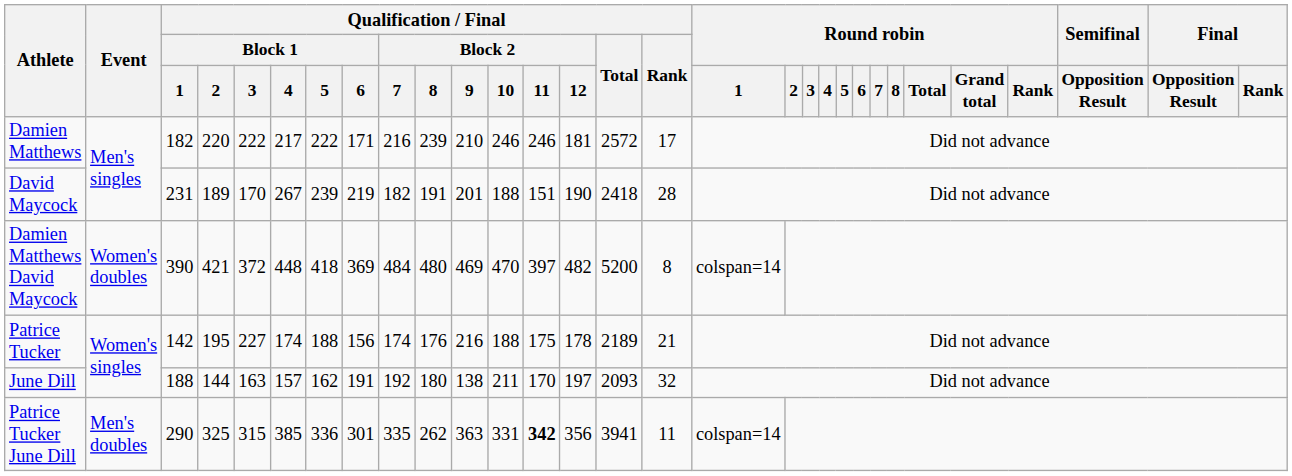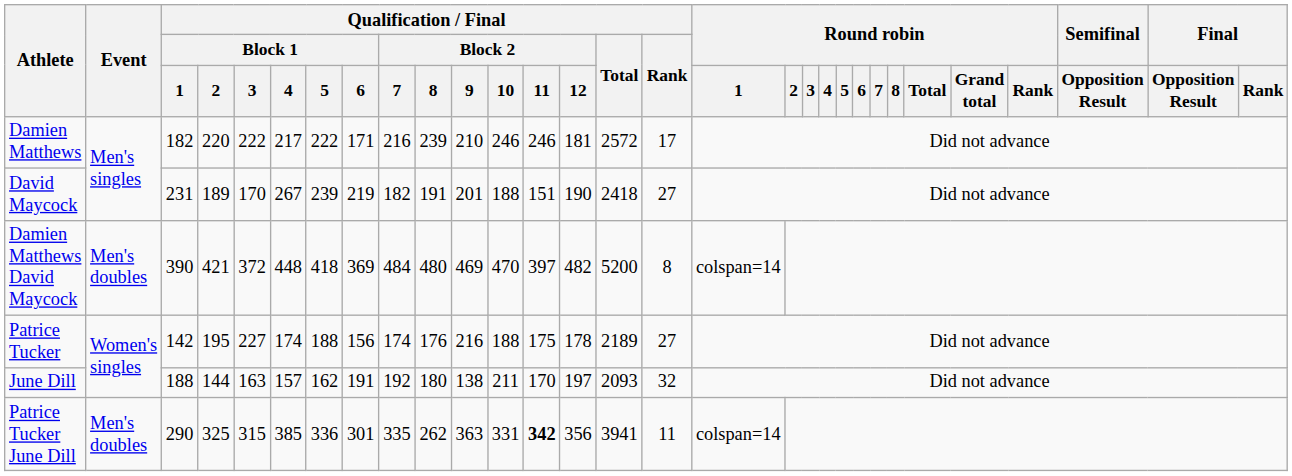 <table class=wikitable style=font-size:85%;text-align:center>
 <tr>
 <th rowspan=3>Athlete</th>
 <th rowspan=3>Event</th>
 <th colspan=14>Qualification / Final</th>
 <th colspan=11 rowspan=2>Round robin</th>
 <th rowspan=2>Semifinal</th>
 <th rowspan=2 colspan=2>Final</th>
 </tr>
 <tr style=font-size:95%>
 <th colspan=6>Block 1</th>
 <th colspan=6>Block 2</th>
 <th rowspan=2>Total</th>
 <th rowspan=2>Rank</th>
 </tr>
 <tr style=font-size:95%>
 <th>1</th>
 <th>2</th>
 <th>3</th>
 <th>4</th>
 <th>5</th>
 <th>6</th>
 <th>7</th>
 <th>8</th>
 <th>9</th>
 <th>10</th>
 <th>11</th>
 <th>12</th>
 <th>1</th>
 <th>2</th>
 <th>3</th>
 <th>4</th>
 <th>5</th>
 <th>6</th>
 <th>7</th>
 <th>8</th>
 <th>Total</th>
 <th>Grand total</th>
 <th>Rank</th>
 <th>Opposition<br>Result</th>
 <th>Opposition<br>Result</th>
 <th>Rank</th>
 </tr>
 <tr>
 <td align=left><a href='#'>Damien Matthews</a></td>
 <td align=left rowspan=2><a href='#'>Men's singles</a></td>
 <td>182</td>
 <td>220</td>
 <td>222</td>
 <td>217</td>
 <td>222</td>
 <td>171</td>
 <td>216</td>
 <td>239</td>
 <td>210</td>
 <td>246</td>
 <td>246</td>
 <td>181</td>
 <td>2572</td>
 <td>17</td>
 <td colspan=14>Did not advance</td>
 </tr>
 <tr>
 <td align=left><a href='#'>David Maycock</a></td>
 <td>231</td>
 <td>189</td>
 <td>170</td>
 <td>267</td>
 <td>239</td>
 <td>219</td>
 <td>182</td>
 <td>191</td>
 <td>201</td>
 <td>188</td>
 <td>151</td>
 <td>190</td>
 <td>2418</td>
-<td>28</td>
+<td>27</td>
 <td colspan=14>Did not advance</td>
 </tr>
 <tr>
 <td align=left><a href='#'>Damien Matthews</a><br><a href='#'>David Maycock</a></td>
-<td align=left><a href='#'>Women's doubles</a></td>
+<td align=left><a href='#'>Men's doubles</a></td>
 <td>390</td>
 <td>421</td>
 <td>372</td>
 <td>448</td>
 <td>418</td>
 <td>369</td>
 <td>484</td>
 <td>480</td>
 <td>469</td>
 <td>470</td>
 <td>397</td>
 <td>482</td>
 <td>5200</td>
 <td>8</td>
 <td>colspan=14 </td>
 </tr>
 <tr>
 <td align=left><a href='#'>Patrice Tucker</a></td>
 <td align=left rowspan=2><a href='#'>Women's singles</a></td>
 <td>142</td>
 <td>195</td>
 <td>227</td>
 <td>174</td>
 <td>188</td>
 <td>156</td>
 <td>174</td>
 <td>176</td>
 <td>216</td>
 <td>188</td>
 <td>175</td>
 <td>178</td>
 <td>2189</td>
-<td>21</td>
+<td>27</td>
 <td colspan=14>Did not advance</td>
 </tr>
 <tr>
 <td align=left><a href='#'>June Dill</a></td>
 <td>188</td>
 <td>144</td>
 <td>163</td>
 <td>157</td>
 <td>162</td>
 <td>191</td>
 <td>192</td>
 <td>180</td>
 <td>138</td>
 <td>211</td>
 <td>170</td>
 <td>197</td>
 <td>2093</td>
 <td>32</td>
 <td colspan=14>Did not advance</td>
 </tr>
 <tr>
 <td align=left><a href='#'>Patrice Tucker</a><br><a href='#'>June Dill</a></td>
 <td align=left><a href='#'>Men's doubles</a></td>
 <td>290</td>
 <td>325</td>
 <td>315</td>
 <td>385</td>
 <td>336</td>
 <td>301</td>
 <td>335</td>
 <td>262</td>
 <td>363</td>
 <td>331</td>
 <td><strong>342</strong></td>
 <td>356</td>
 <td>3941</td>
 <td>11</td>
 <td>colspan=14 </td>
 </tr>
 </table>
